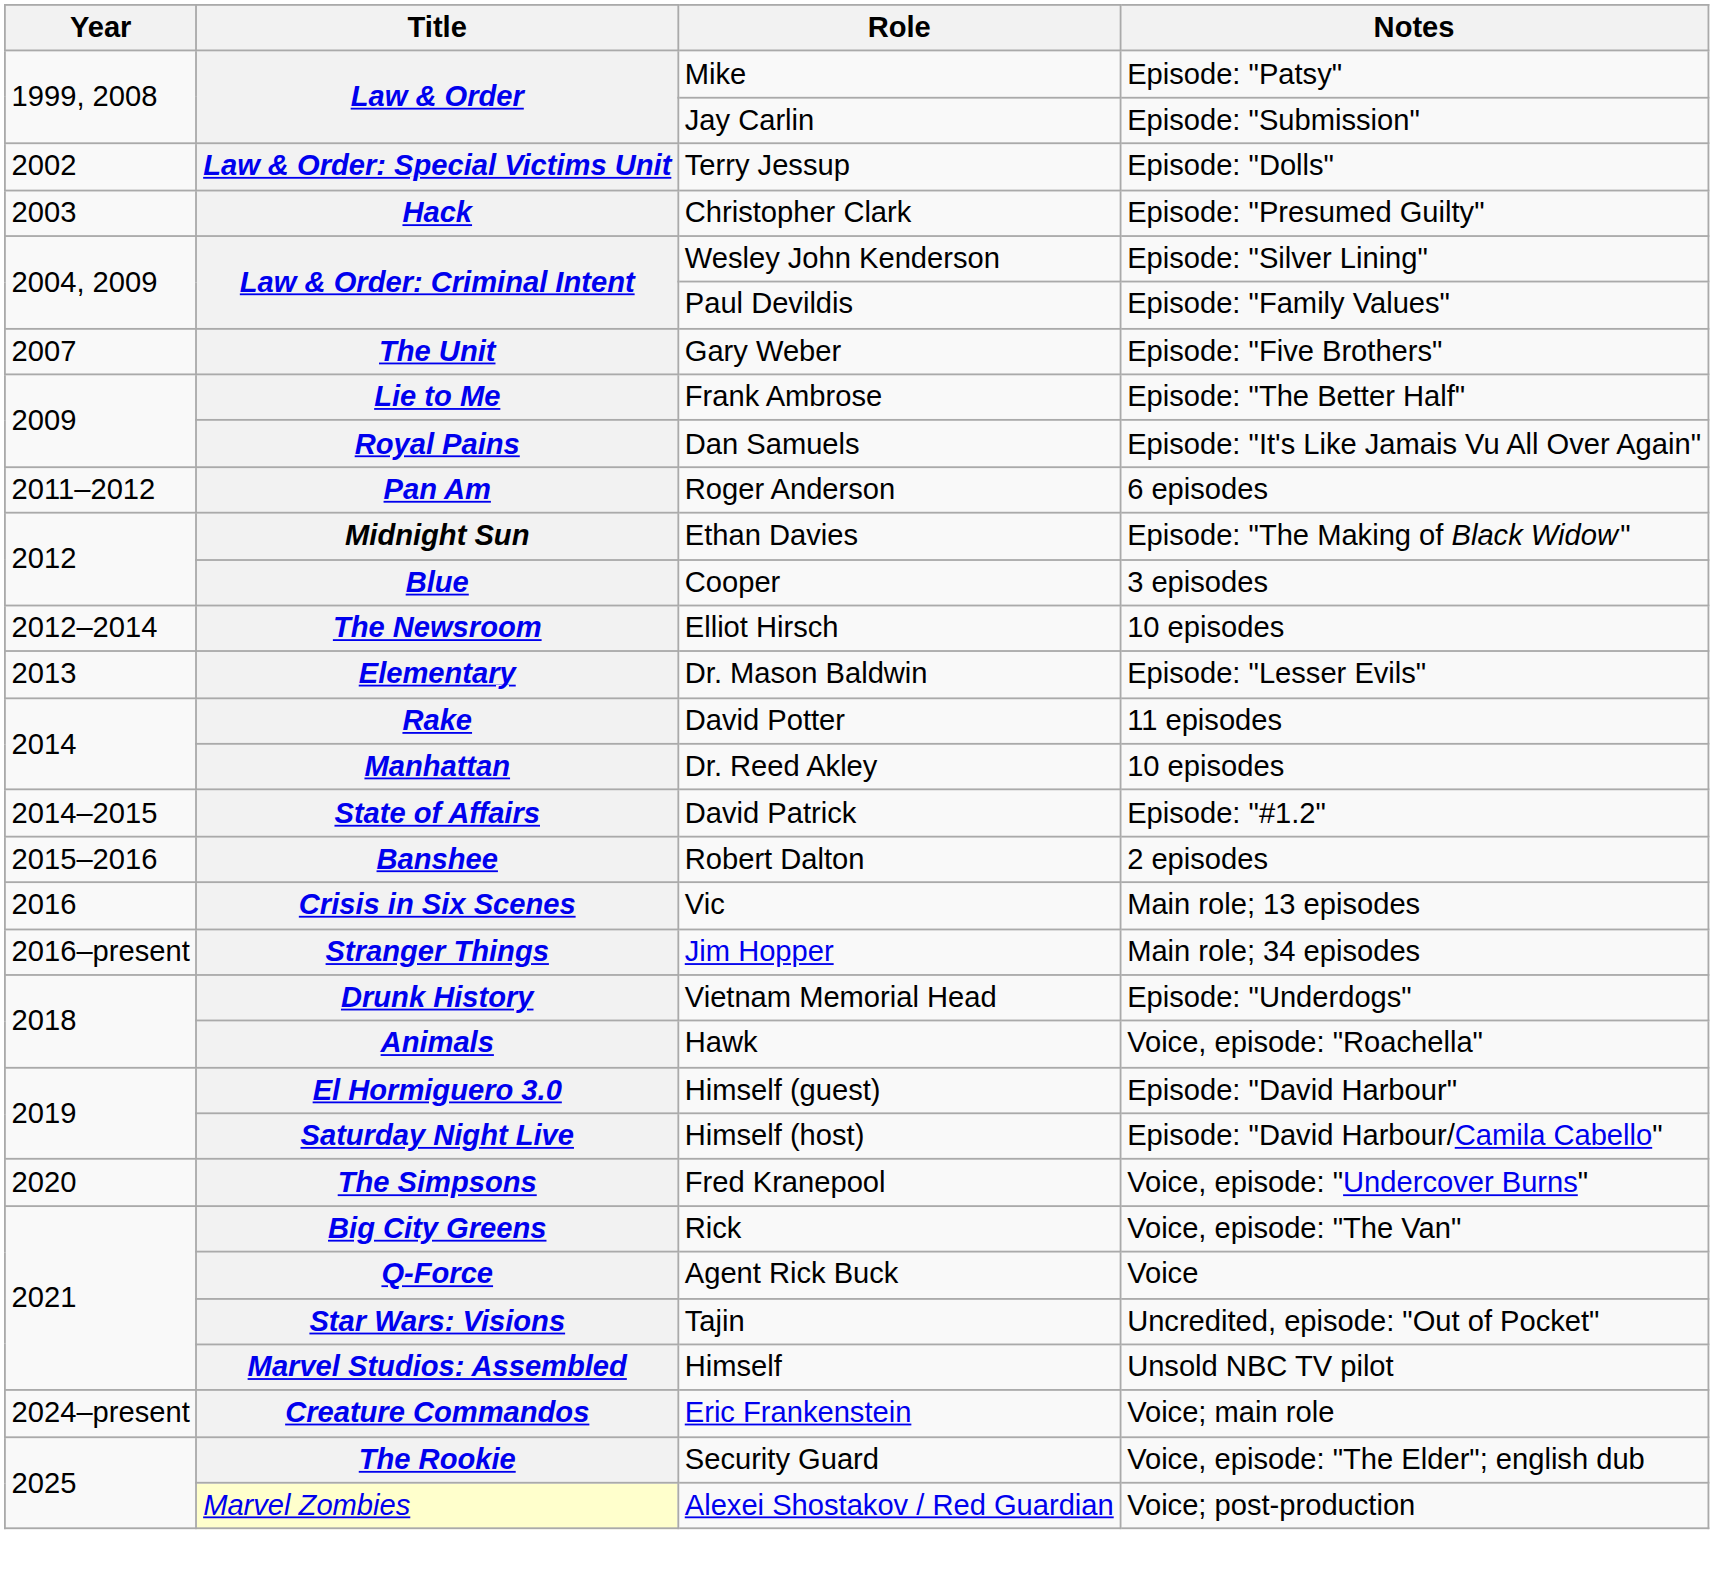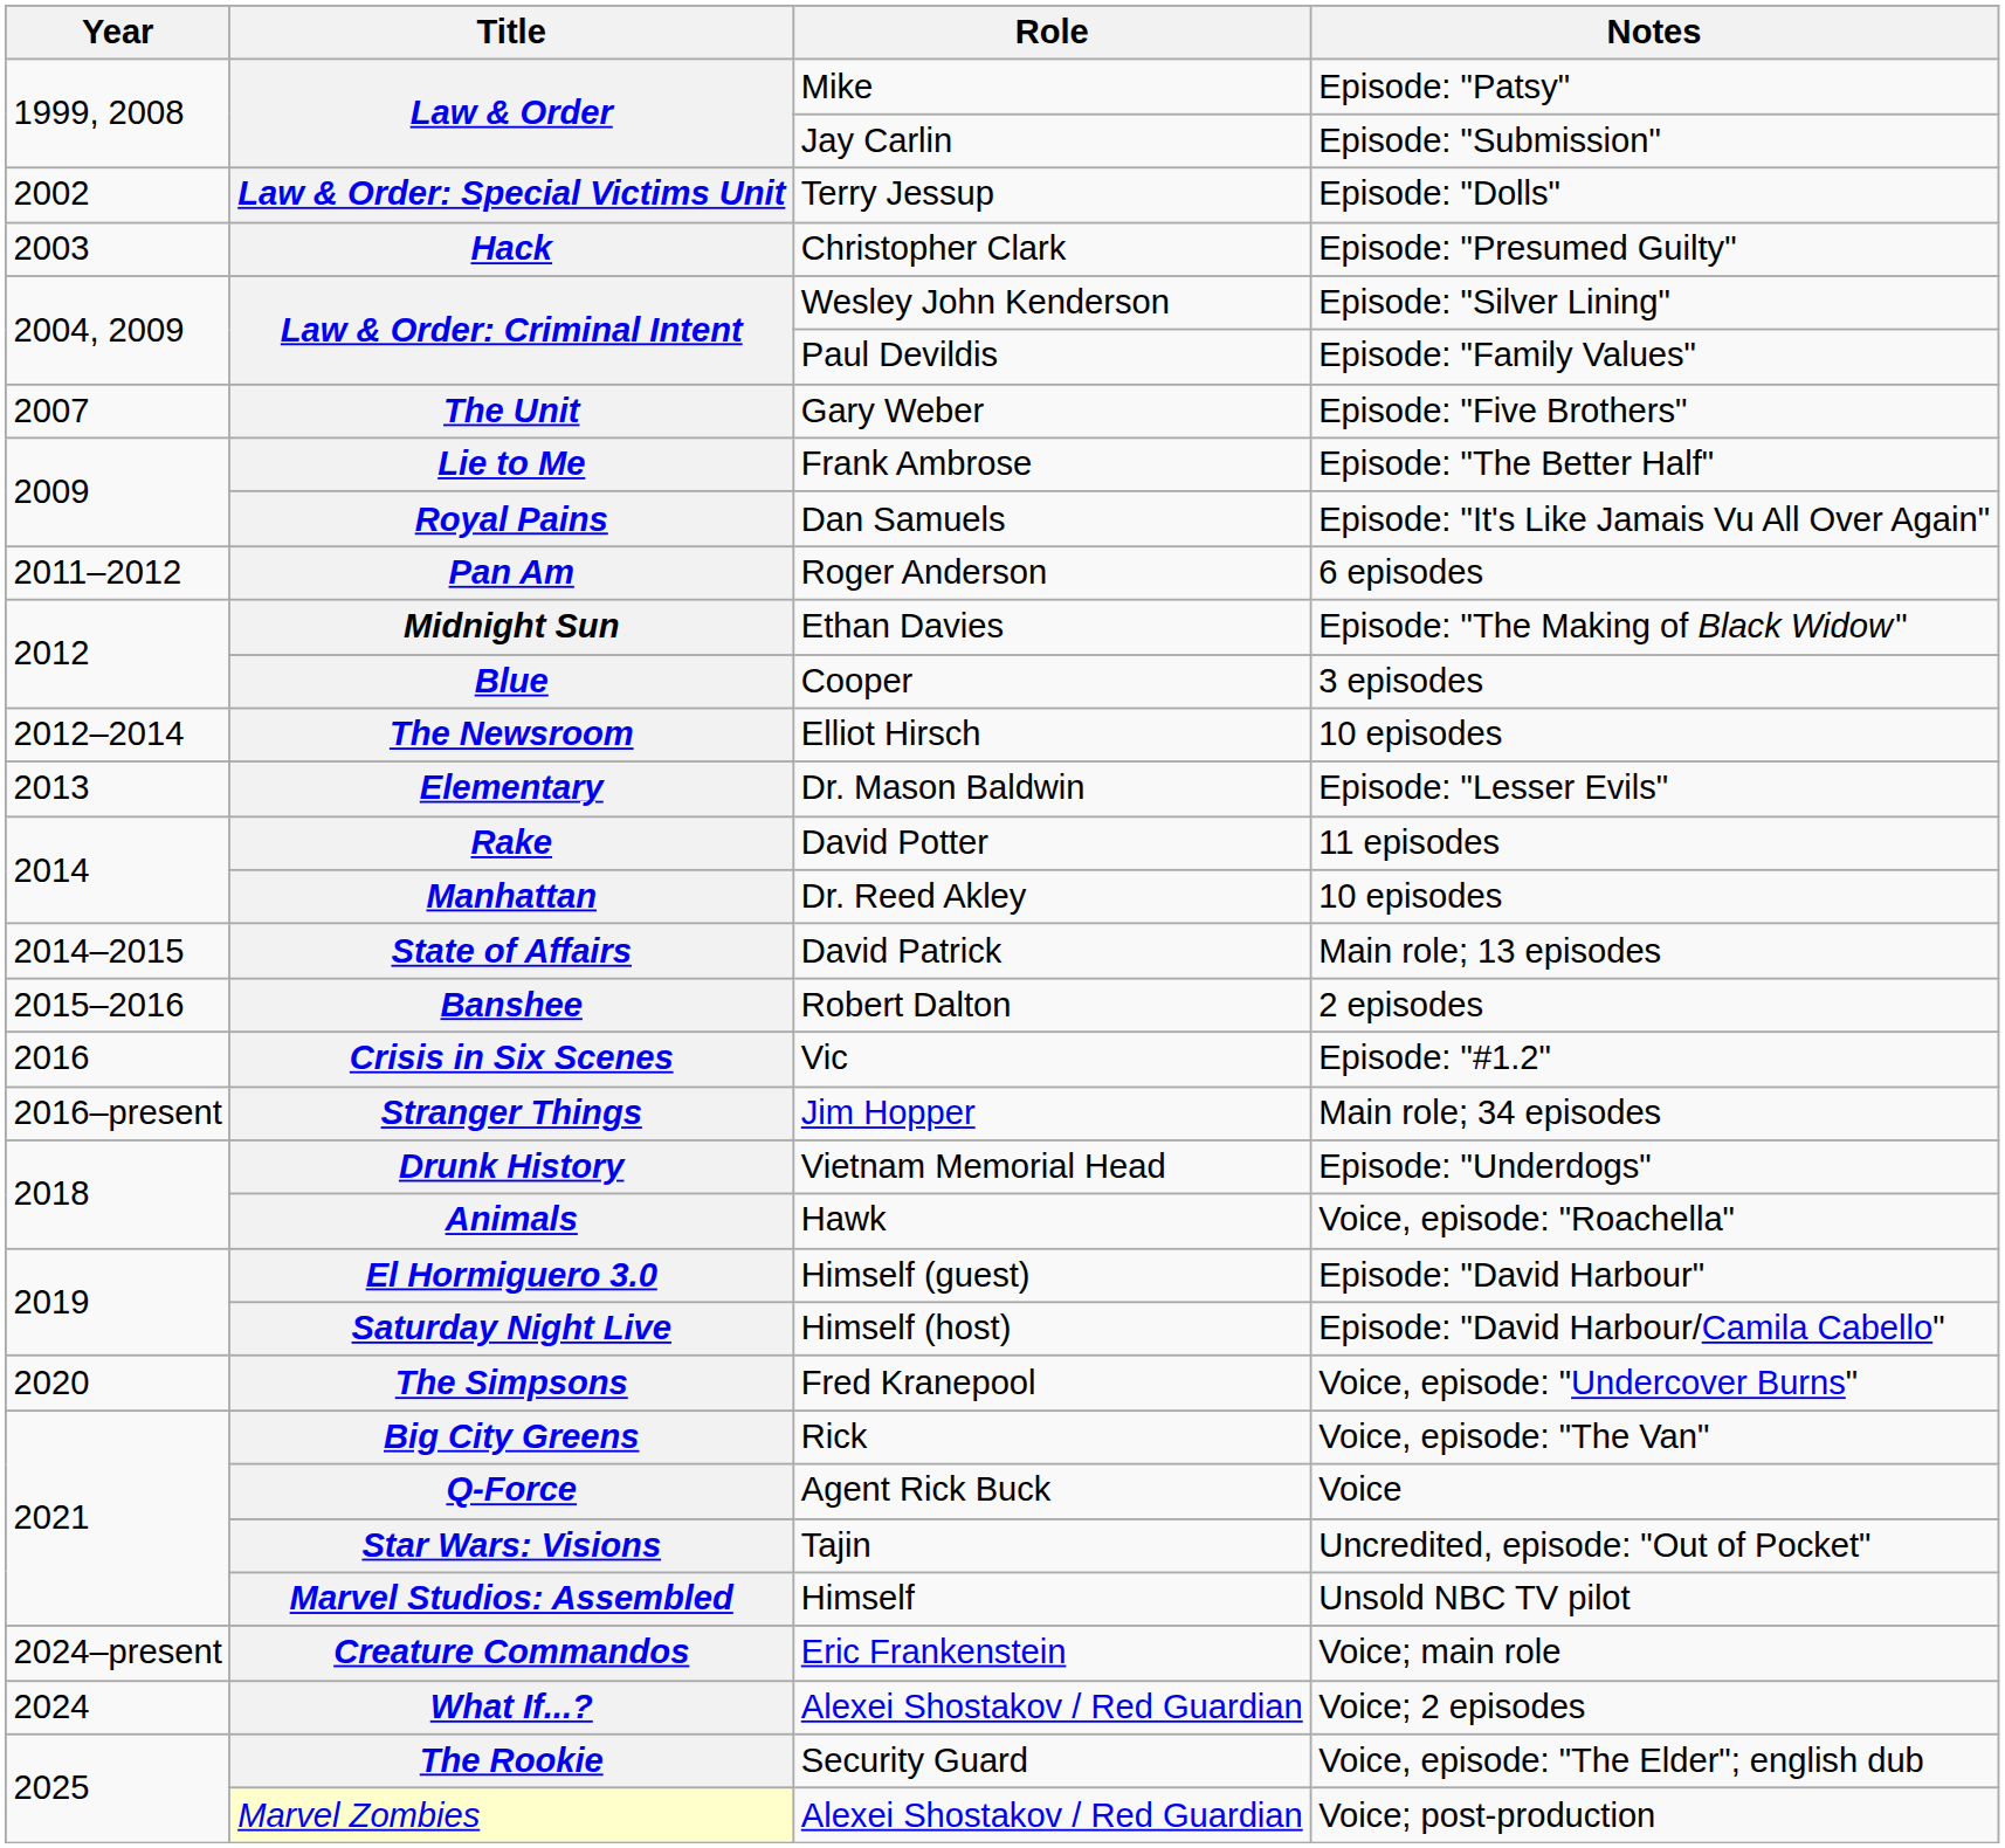 <table class="wikitable sortable plainrowheaders">
 <tr>
 <th scope="col">Year</th>
 <th scope="col">Title</th>
 <th scope="col">Role</th>
 <th scope="col" class="unsortable">Notes</th>
 </tr>
 <tr>
 <td rowspan="2">1999, 2008</td>
 <th scope="row" rowspan="2"><em><a href='#'>Law & Order</a></em></th>
 <td>Mike</td>
 <td>Episode: "Patsy"</td>
 </tr>
 <tr>
 <td>Jay Carlin</td>
 <td>Episode: "Submission"</td>
 </tr>
 <tr>
 <td>2002</td>
 <th scope="row"><em><a href='#'>Law & Order: Special Victims Unit</a></em></th>
 <td>Terry Jessup</td>
 <td>Episode: "Dolls"</td>
 </tr>
 <tr>
 <td>2003</td>
 <th scope="row"><em><a href='#'>Hack</a></em></th>
 <td>Christopher Clark</td>
 <td>Episode: "Presumed Guilty"</td>
 </tr>
 <tr>
 <td rowspan="2">2004, 2009</td>
 <th scope="row" rowspan="2"><em><a href='#'>Law & Order: Criminal Intent</a></em></th>
 <td>Wesley John Kenderson</td>
 <td>Episode: "Silver Lining"</td>
 </tr>
 <tr>
 <td>Paul Devildis</td>
 <td>Episode: "Family Values"</td>
 </tr>
 <tr>
 <td>2007</td>
 <th scope="row"><em><a href='#'>The Unit</a></em></th>
 <td>Gary Weber</td>
 <td>Episode: "Five Brothers"</td>
 </tr>
 <tr>
 <td rowspan="2">2009</td>
 <th scope="row"><em><a href='#'>Lie to Me</a></em></th>
 <td>Frank Ambrose</td>
 <td>Episode: "The Better Half"</td>
 </tr>
 <tr>
 <th scope="row"><em><a href='#'>Royal Pains</a></em></th>
 <td>Dan Samuels</td>
 <td>Episode: "It's Like Jamais Vu All Over Again"</td>
 </tr>
 <tr>
 <td>2011–2012</td>
 <th scope="row"><em><a href='#'>Pan Am</a></em></th>
 <td>Roger Anderson</td>
 <td>6 episodes</td>
 </tr>
 <tr>
 <td rowspan="2">2012</td>
 <th scope="row"><em>Midnight Sun</em></th>
 <td>Ethan Davies</td>
 <td>Episode: "The Making of <em>Black Widow </em>"</td>
 </tr>
 <tr>
 <th scope="row"><em><a href='#'>Blue</a></em></th>
 <td>Cooper</td>
 <td>3 episodes</td>
 </tr>
 <tr>
 <td>2012–2014</td>
 <th scope="row"><em><a href='#'>The Newsroom</a></em></th>
 <td>Elliot Hirsch</td>
 <td>10 episodes</td>
 </tr>
 <tr>
 <td>2013</td>
 <th scope="row"><em><a href='#'>Elementary</a></em></th>
 <td>Dr. Mason Baldwin</td>
 <td>Episode: "Lesser Evils"</td>
 </tr>
 <tr>
 <td rowspan="2">2014</td>
 <th scope="row"><em><a href='#'>Rake</a></em></th>
 <td>David Potter</td>
 <td>11 episodes</td>
 </tr>
 <tr>
 <th scope="row"><em><a href='#'>Manhattan</a></em></th>
 <td>Dr. Reed Akley</td>
 <td>10 episodes</td>
 </tr>
 <tr>
 <td>2014–2015</td>
 <th scope="row"><em><a href='#'>State of Affairs</a></em></th>
 <td>David Patrick</td>
-<td>Episode: "#1.2"</td>
+<td>Main role; 13 episodes</td>
 </tr>
 <tr>
 <td>2015–2016</td>
 <th scope="row"><em><a href='#'>Banshee</a></em></th>
 <td>Robert Dalton</td>
 <td>2 episodes</td>
 </tr>
 <tr>
 <td>2016</td>
 <th scope="row"><em><a href='#'>Crisis in Six Scenes</a></em></th>
 <td>Vic</td>
-<td>Main role; 13 episodes</td>
+<td>Episode: "#1.2"</td>
 </tr>
 <tr>
 <td>2016–present</td>
 <th scope="row"><em><a href='#'>Stranger Things</a></em></th>
 <td><a href='#'>Jim Hopper</a></td>
 <td>Main role; 34 episodes</td>
 </tr>
 <tr>
 <td rowspan="2">2018</td>
 <th scope="row"><em><a href='#'>Drunk History</a></em></th>
 <td>Vietnam Memorial Head</td>
 <td>Episode: "Underdogs"</td>
 </tr>
 <tr>
 <th scope="row"><em><a href='#'>Animals</a></em></th>
 <td>Hawk</td>
 <td>Voice, episode: "Roachella"</td>
 </tr>
 <tr>
 <td rowspan="2">2019</td>
 <th scope="row"><em><a href='#'>El Hormiguero 3.0</a></em></th>
 <td>Himself (guest)</td>
 <td>Episode: "David Harbour"</td>
 </tr>
 <tr>
 <th scope="row"><em><a href='#'>Saturday Night Live</a></em></th>
 <td>Himself (host)</td>
 <td>Episode: "David Harbour/<a href='#'>Camila Cabello</a>"</td>
 </tr>
 <tr>
 <td>2020</td>
 <th scope="row"><em><a href='#'>The Simpsons</a></em></th>
 <td>Fred Kranepool</td>
 <td>Voice, episode: "<a href='#'>Undercover Burns</a>"</td>
 </tr>
 <tr>
 <td rowspan="4">2021</td>
 <th scope="row"><em><a href='#'>Big City Greens</a></em></th>
 <td>Rick</td>
 <td>Voice, episode: "The Van"</td>
 </tr>
 <tr>
 <th scope="row"><em><a href='#'>Q-Force</a></em></th>
 <td>Agent Rick Buck</td>
 <td>Voice</td>
 </tr>
 <tr>
 <th scope="row"><em><a href='#'>Star Wars: Visions</a></em></th>
 <td>Tajin</td>
 <td>Uncredited, episode: "Out of Pocket"</td>
 </tr>
 <tr>
 <th scope=row><em><a href='#'>Marvel Studios: Assembled</a></em></th>
 <td>Himself</td>
 <td>Unsold NBC TV pilot</td>
 </tr>
 <tr>
 <td>2024–present</td>
 <th scope="row"><em><a href='#'>Creature Commandos</a></em></th>
 <td><a href='#'>Eric Frankenstein</a></td>
 <td>Voice; main role</td>
 </tr>
 <tr>
+<td>2024</td>
+<th scope="row"><em><a href='#'>What If...?</a></em></th>
+<td><a href='#'>Alexei Shostakov / Red Guardian</a></td>
+<td>Voice; 2 episodes</td>
+</tr>
+<tr>
 <td rowspan="2">2025</td>
 <th scope="row"><a href='#'><em>The Rookie</em></a></th>
 <td>Security Guard</td>
 <td>Voice, episode: "The Elder"; english dub</td>
 </tr>
 <tr>
 <td style="background:#FFFFCC;"><em><a href='#'>Marvel Zombies</a></em> </td>
 <td><a href='#'>Alexei Shostakov / Red Guardian</a></td>
 <td>Voice; post-production</td>
 </tr>
 </table>
